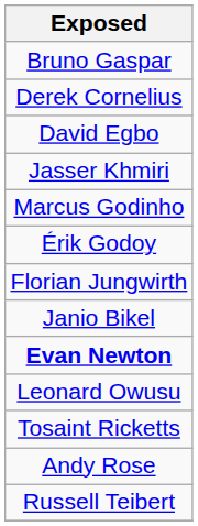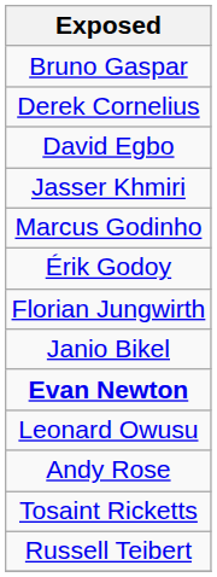 <table class="wikitable" style="text-align:center">
 <tr>
 <th>Exposed</th>
 </tr>
 <tr>
 <td><a href='#'>Bruno Gaspar</a></td>
 </tr>
 <tr>
 <td><a href='#'>Derek Cornelius</a></td>
 </tr>
 <tr>
 <td><a href='#'>David Egbo</a></td>
 </tr>
 <tr>
 <td><a href='#'>Jasser Khmiri</a></td>
 </tr>
 <tr>
 <td><a href='#'>Marcus Godinho</a></td>
 </tr>
 <tr>
 <td><a href='#'>Érik Godoy</a></td>
 </tr>
 <tr>
 <td><a href='#'>Florian Jungwirth</a></td>
 </tr>
 <tr>
 <td><a href='#'>Janio Bikel</a></td>
 </tr>
 <tr>
 <td><strong><a href='#'>Evan Newton</a></strong></td>
 </tr>
 <tr>
 <td><a href='#'>Leonard Owusu</a></td>
 </tr>
 <tr>
-<td><a href='#'>Tosaint Ricketts</a></td>
+<td><a href='#'>Andy Rose</a></td>
 </tr>
 <tr>
-<td><a href='#'>Andy Rose</a></td>
+<td><a href='#'>Tosaint Ricketts</a></td>
 </tr>
 <tr>
 <td><a href='#'>Russell Teibert</a></td>
 </tr>
 <tr>
 </tr>
 </table>
